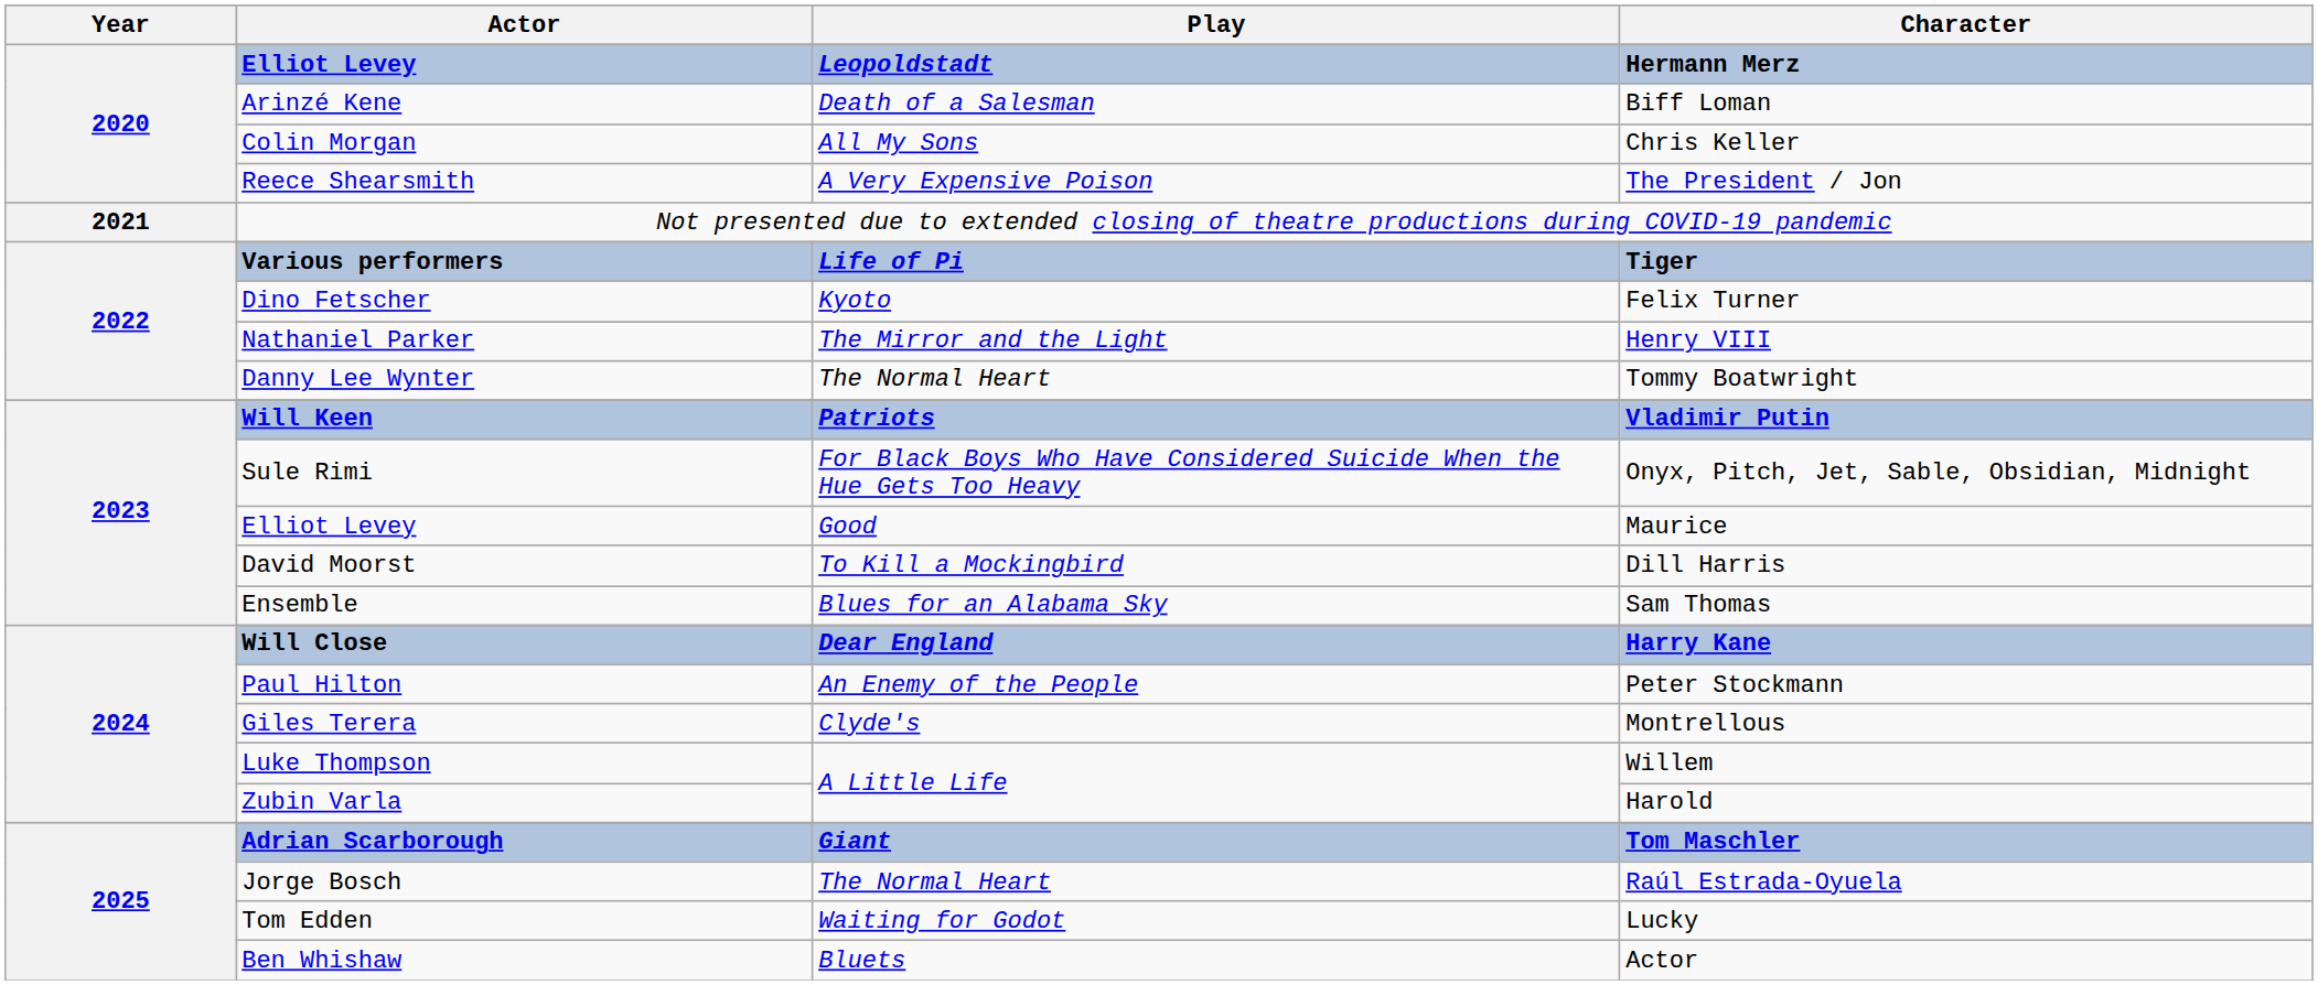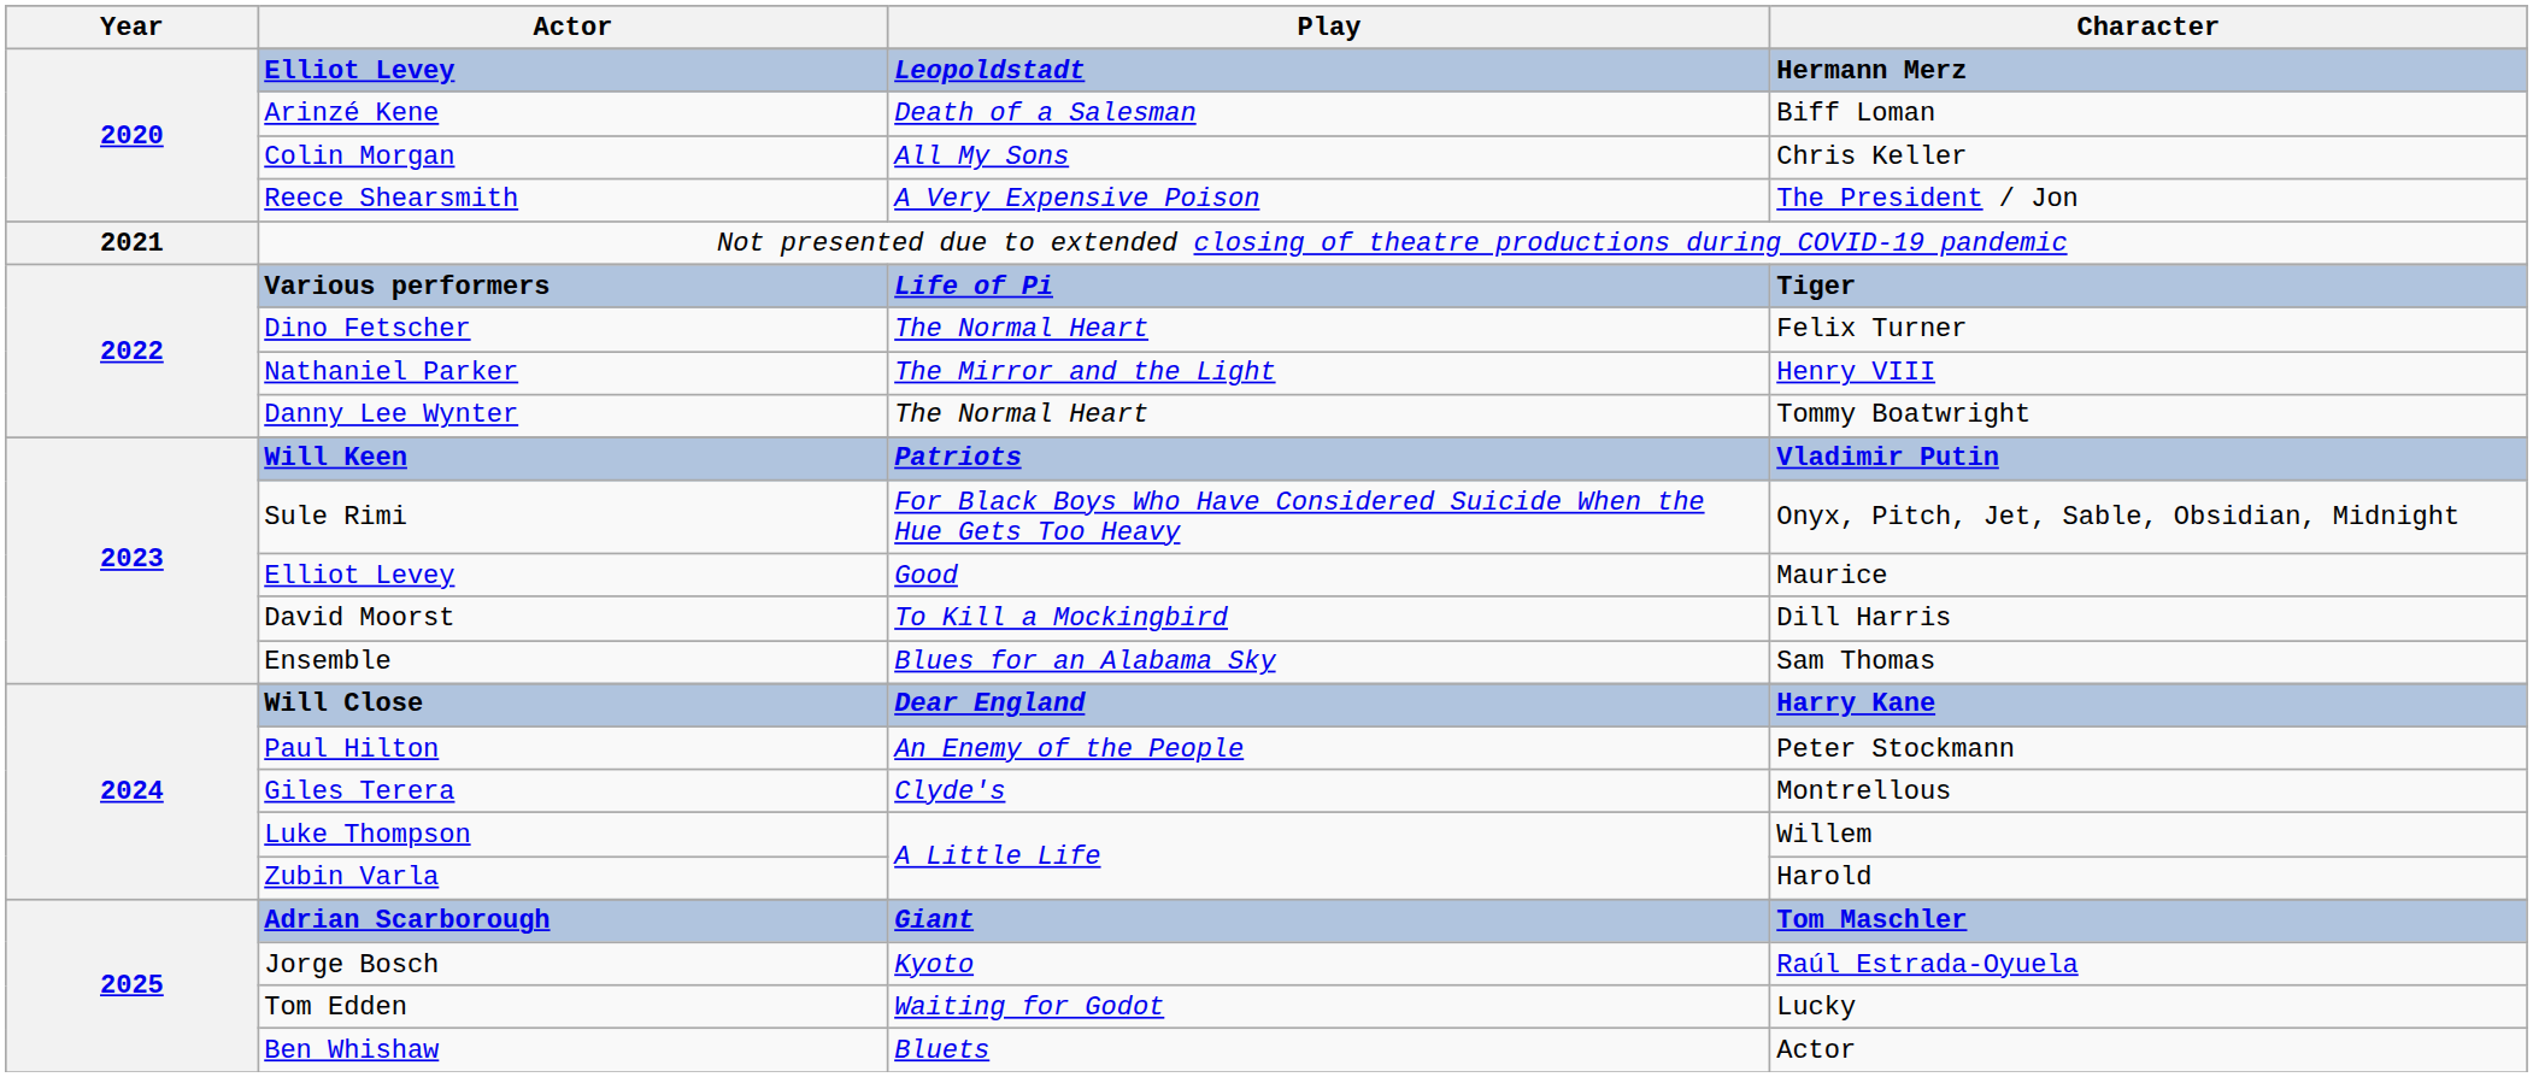 <table class="wikitable" style="width:98%;">
 <tr style="background:#bebebe;">
 <th style="width:10%;">Year</th>
 <th style="width:25%;">Actor</th>
 <th style="width:35%;">Play</th>
 <th style="width:30%;">Character</th>
 </tr>
 <tr>
 <th rowspan="5" align="center"><a href='#'>2020</a></th>
 </tr>
 <tr style="background:#B0C4DE">
 <td><strong><a href='#'>Elliot Levey</a> </strong></td>
 <td><strong><em><a href='#'>Leopoldstadt</a></em></strong></td>
 <td><strong>Hermann Merz</strong></td>
 </tr>
 <tr>
 <td><a href='#'>Arinzé Kene</a></td>
 <td><em><a href='#'>Death of a Salesman</a></em></td>
 <td>Biff Loman</td>
 </tr>
 <tr>
 <td><a href='#'>Colin Morgan</a></td>
 <td><em><a href='#'>All My Sons</a></em></td>
 <td>Chris Keller</td>
 </tr>
 <tr>
 <td><a href='#'>Reece Shearsmith</a></td>
 <td><em><a href='#'>A Very Expensive Poison</a></em></td>
 <td><a href='#'>The President</a> / Jon</td>
 </tr>
 <tr>
 <th align="center">2021</th>
 <td colspan=3 align="center"><em>Not presented due to extended <a href='#'>closing of theatre productions during COVID-19 pandemic</a></em></td>
 </tr>
 <tr>
 <th rowspan="5"><a href='#'>2022</a></th>
 </tr>
 <tr style="background:#B0C4DE">
 <td><strong>Various performers</strong></td>
 <td><strong><em><a href='#'>Life of Pi</a></em></strong></td>
 <td><strong>Tiger</strong></td>
 </tr>
 <tr>
 <td><a href='#'>Dino Fetscher</a></td>
-<td><em><a href='#'>Kyoto</a></em></td>
+<td><em><a href='#'>The Normal Heart</a></em></td>
 <td>Felix Turner</td>
 </tr>
 <tr>
 <td><a href='#'>Nathaniel Parker</a></td>
 <td><em><a href='#'>The Mirror and the Light</a></em></td>
 <td><a href='#'>Henry VIII</a></td>
 </tr>
 <tr>
 <td><a href='#'>Danny Lee Wynter</a></td>
 <td><em>The Normal Heart</em></td>
 <td>Tommy Boatwright</td>
 </tr>
 <tr>
 <th rowspan="6" align="center"><a href='#'>2023</a></th>
 </tr>
 <tr style="background:#B0C4DE">
 <td><strong><a href='#'>Will Keen</a></strong></td>
 <td><strong><em><a href='#'>Patriots</a></em></strong></td>
 <td><strong><a href='#'>Vladimir Putin</a></strong></td>
 </tr>
 <tr>
 <td>Sule Rimi</td>
 <td><em><a href='#'>For Black Boys Who Have Considered Suicide When the Hue Gets Too Heavy</a></em></td>
 <td>Onyx, Pitch, Jet, Sable, Obsidian, Midnight</td>
 </tr>
 <tr>
 <td><a href='#'>Elliot Levey</a></td>
 <td><em><a href='#'>Good</a></em></td>
 <td>Maurice</td>
 </tr>
 <tr>
 <td>David Moorst</td>
 <td><em><a href='#'>To Kill a Mockingbird</a></em></td>
 <td>Dill Harris</td>
 </tr>
 <tr>
 <td>Ensemble</td>
 <td><em><a href='#'>Blues for an Alabama Sky</a></em></td>
 <td>Sam Thomas</td>
 </tr>
 <tr>
 <th rowspan="6"><a href='#'>2024</a></th>
 </tr>
 <tr style="background:#B0C4DE">
 <td><strong> Will Close </strong></td>
 <td><strong> <em><a href='#'>Dear England</a></em> </strong></td>
 <td><strong> <a href='#'>Harry Kane</a> </strong></td>
 </tr>
 <tr>
 <td><a href='#'>Paul Hilton</a></td>
 <td><em><a href='#'>An Enemy of the People</a></em></td>
 <td>Peter Stockmann</td>
 </tr>
 <tr>
 <td><a href='#'>Giles Terera</a></td>
 <td><em><a href='#'>Clyde's</a></em></td>
 <td>Montrellous</td>
 </tr>
 <tr>
 <td><a href='#'>Luke Thompson</a></td>
 <td rowspan="3"><em><a href='#'>A Little Life</a></em></td>
 <td>Willem</td>
 </tr>
 <tr>
 <td><a href='#'>Zubin Varla</a></td>
 <td>Harold</td>
 </tr>
 <tr>
 <th rowspan="5" align="center"><a href='#'>2025</a></th>
 </tr>
 <tr style="background:#B0C4DE">
 <td><strong><a href='#'>Adrian Scarborough</a></strong></td>
 <td><strong> <em><a href='#'>Giant</a></em> </strong></td>
 <td><strong> <a href='#'>Tom Maschler</a> </strong></td>
 </tr>
 <tr>
 <td>Jorge Bosch</td>
-<td><em><a href='#'>The Normal Heart</a></em></td>
+<td><em><a href='#'>Kyoto</a></em></td>
 <td><a href='#'>Raúl Estrada-Oyuela</a></td>
 </tr>
 <tr>
 <td>Tom Edden</td>
 <td><em><a href='#'>Waiting for Godot</a></em></td>
 <td>Lucky</td>
 </tr>
 <tr>
 <td><a href='#'>Ben Whishaw</a></td>
 <td><em><a href='#'>Bluets</a></em></td>
 <td>Actor</td>
 </tr>
 <tr>
 </tr>
 </table>
